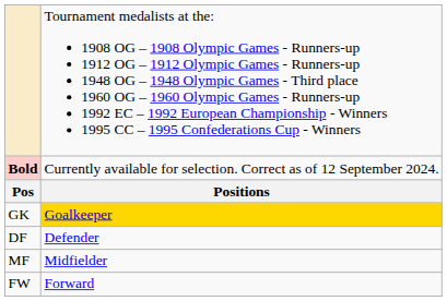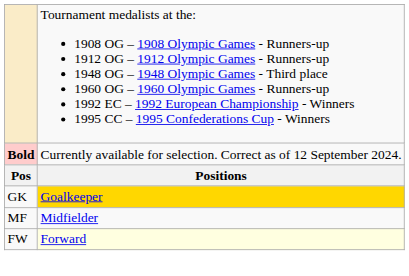 <table class="wikitable">
 <tr>
 <td style="background-color:#faecc8"></td>
 <td>Tournament medalists at the:<br><ul><li>1908 OG – <a href='#'>1908 Olympic Games</a> -  Runners-up</li><li>1912 OG – <a href='#'>1912 Olympic Games</a> -  Runners-up</li><li>1948 OG – <a href='#'>1948 Olympic Games</a> -  Third place</li><li>1960 OG – <a href='#'>1960 Olympic Games</a> -  Runners-up</li><li>1992 EC – <a href='#'>1992 European Championship</a> -  Winners</li><li>1995 CC – <a href='#'>1995 Confederations Cup</a> -  Winners</li></ul></td>
 </tr>
 <tr>
 <td style="background-color:#FFCCCC"><strong>Bold</strong></td>
 <td>Currently available for selection. Correct as of 12 September 2024.</td>
 </tr>
 <tr>
 <th>Pos</th>
 <th style="align: left">Positions</th>
 </tr>
 <tr>
 <td>GK</td>
 <td style="background: gold;"><a href='#'>Goalkeeper</a></td>
 </tr>
 <tr>
-<td>DF</td>
-<td><a href='#'>Defender</a></td>
-</tr>
-<tr>
 <td>MF</td>
 <td><a href='#'>Midfielder</a></td>
 </tr>
 <tr>
 <td>FW</td>
-<td><a href='#'>Forward</a></td>
+<td style="background: lightyellow;"><a href='#'>Forward</a></td>
 </tr>
 </table>
